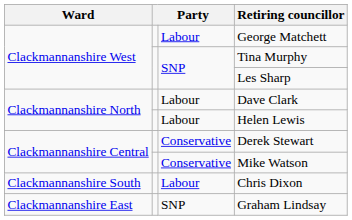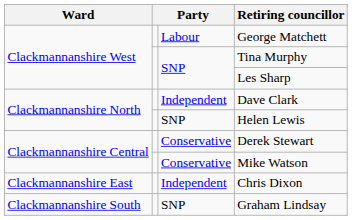 <table class="wikitable sortable">
 <tr>
 <th>Ward</th>
 <th colspan="2">Party</th>
 <th>Retiring councillor</th>
 </tr>
 <tr>
 <td rowspan="3"><a href='#'>Clackmannanshire West</a></td>
 <td style="background-color: "></td>
 <td><a href='#'>Labour</a></td>
 <td>George Matchett</td>
 </tr>
 <tr>
 <td rowspan="2" ; style="background-color: "></td>
 <td rowspan="2"><a href='#'>SNP</a></td>
 <td>Tina Murphy</td>
 </tr>
 <tr>
 <td>Les Sharp</td>
 </tr>
 <tr>
 <td rowspan="2"><a href='#'>Clackmannanshire North</a></td>
 <td style="background-color: "></td>
-<td>Labour</td>
+<td><a href='#'>Independent</a></td>
 <td>Dave Clark</td>
 </tr>
 <tr>
 <td style="background-color: "></td>
-<td>Labour</td>
+<td>SNP</td>
 <td>Helen Lewis</td>
 </tr>
 <tr>
 <td rowspan="2"><a href='#'>Clackmannanshire Central</a></td>
 <td style="background-color: "></td>
 <td><a href='#'>Conservative</a></td>
 <td>Derek Stewart</td>
 </tr>
 <tr>
 <td style="background-color: "></td>
 <td><a href='#'>Conservative</a></td>
 <td>Mike Watson</td>
 </tr>
 <tr>
-<td><a href='#'>Clackmannanshire South</a></td>
+<td><a href='#'>Clackmannanshire East</a></td>
 <td style="background-color: "></td>
-<td><a href='#'>Labour</a></td>
+<td><a href='#'>Independent</a></td>
 <td>Chris Dixon</td>
 </tr>
 <tr>
-<td><a href='#'>Clackmannanshire East</a></td>
+<td><a href='#'>Clackmannanshire South</a></td>
 <td style="background-color: "></td>
 <td>SNP</td>
 <td>Graham Lindsay</td>
 </tr>
 </table>
